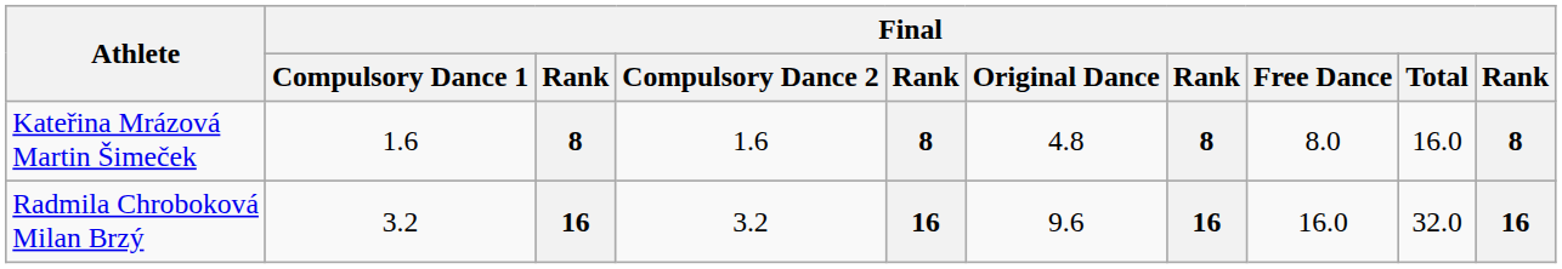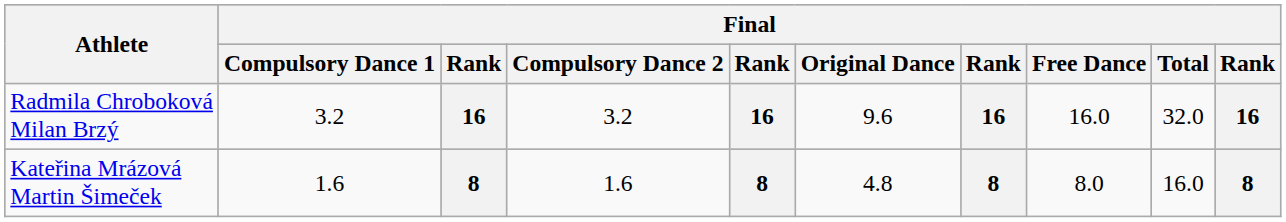 <table class="wikitable" style="font-size:90%">
 <tr>
 <th rowspan="2">Athlete</th>
 <th colspan="9">Final</th>
 </tr>
 <tr>
 <th>Compulsory Dance 1</th>
 <th>Rank</th>
 <th>Compulsory Dance 2</th>
 <th>Rank</th>
 <th>Original Dance</th>
 <th>Rank</th>
 <th>Free Dance</th>
 <th>Total</th>
 <th>Rank</th>
 </tr>
 <tr>
+<td><a href='#'>Radmila Chroboková</a><br><a href='#'>Milan Brzý</a></td>
+<td align="center">3.2</td>
+<th align="center">16</th>
+<td align="center">3.2</td>
+<th align="center">16</th>
+<td align="center">9.6</td>
+<th align="center">16</th>
+<td align="center">16.0</td>
+<td align="center">32.0</td>
+<th align="center">16</th>
+</tr>
+<tr>
 <td><a href='#'>Kateřina Mrázová</a><br><a href='#'>Martin Šimeček</a></td>
 <td align="center">1.6</td>
 <th align="center">8</th>
 <td align="center">1.6</td>
 <th align="center">8</th>
 <td align="center">4.8</td>
 <th align="center">8</th>
 <td align="center">8.0</td>
 <td align="center">16.0</td>
 <th align="center">8</th>
 </tr>
-<tr>
-<td><a href='#'>Radmila Chroboková</a><br><a href='#'>Milan Brzý</a></td>
-<td align="center">3.2</td>
-<th align="center">16</th>
-<td align="center">3.2</td>
-<th align="center">16</th>
-<td align="center">9.6</td>
-<th align="center">16</th>
-<td align="center">16.0</td>
-<td align="center">32.0</td>
-<th align="center">16</th>
-</tr>
 </table>
